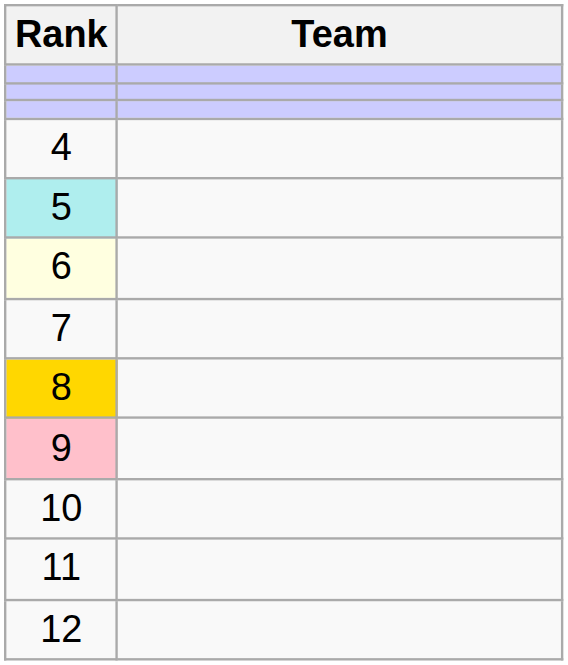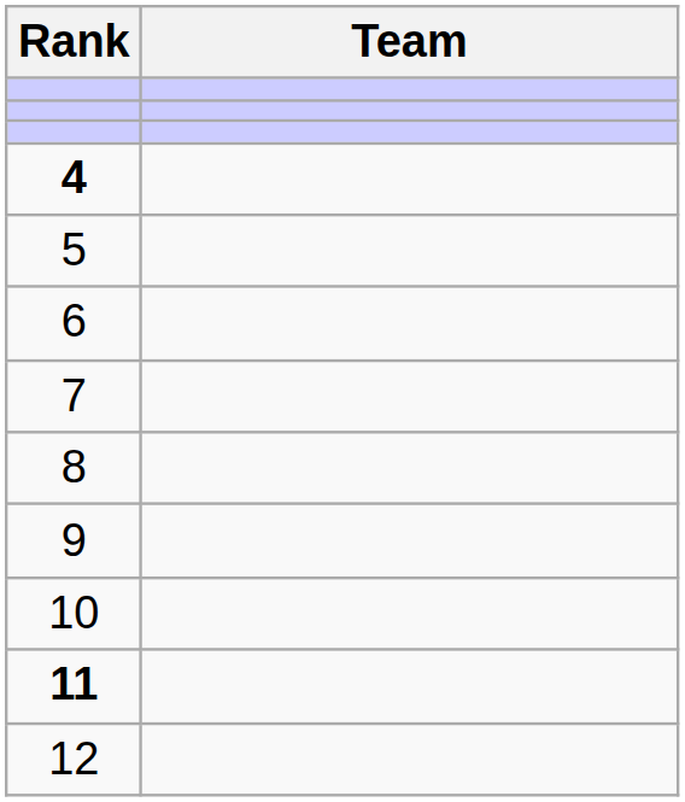 <table class="wikitable" style="text-align: center;">
 <tr>
 <th width=40>Rank</th>
 <th width=180>Team</th>
 </tr>
 <tr bgcolor=ccccff>
 <td></td>
 <td align=left></td>
 </tr>
 <tr bgcolor=ccccff>
 <td></td>
 <td align=left></td>
 </tr>
 <tr bgcolor=ccccff>
 <td></td>
 <td align=left></td>
 </tr>
 <tr>
-<td>4</td>
+<td><strong>4</strong></td>
 <td align=left></td>
 </tr>
 <tr>
-<td style="background: paleturquoise;">5</td>
+<td>5</td>
 <td align=left></td>
 </tr>
 <tr>
-<td style="background: lightyellow;">6</td>
+<td>6</td>
 <td align=left></td>
 </tr>
 <tr>
 <td>7</td>
 <td align=left></td>
 </tr>
 <tr>
-<td style="background: gold;">8</td>
+<td>8</td>
 <td align=left></td>
 </tr>
 <tr>
-<td style="background: pink;">9</td>
+<td>9</td>
 <td align=left></td>
 </tr>
 <tr>
 <td>10</td>
 <td align=left></td>
 </tr>
 <tr>
-<td>11</td>
+<td><strong>11</strong></td>
 <td align=left></td>
 </tr>
 <tr>
 <td>12</td>
 <td align=left></td>
 </tr>
 </table>
